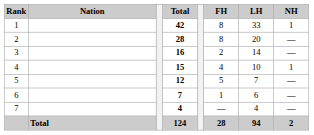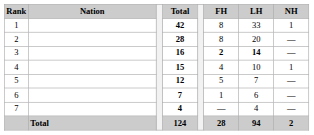 <table class="wikitable plainrowheaders" style="background:#fff; font-size:86%; line-height:16px; border:grey solid 1px; border-collapse:collapse;">
 <tr style="background:#ccc; text-align:center;">
 <th style="background:#ccc;">Rank</th>
 <th style="background:#ccc;">Nation</th>
 <th rowspan="9" width="2"> </th>
 <th width="50" style="background:#ccc;">Total</th>
 <th rowspan="9" width="2"> </th>
 <th width="50" style="background:#ccc;">FH</th>
 <th width="50" style="background:#ccc;">LH</th>
 <th width="50" style="background:#ccc;">NH</th>
 </tr>
 <tr align=center>
 <td align=center>1</td>
 <td align=left width=200></td>
 <td><strong>42</strong></td>
 <td>8</td>
 <td>33</td>
 <td>1</td>
 </tr>
 <tr align=center>
 <td align=center>2</td>
 <td align=left></td>
 <td><strong>28</strong></td>
 <td>8</td>
 <td>20</td>
 <td>—</td>
 </tr>
 <tr align=center>
 <td align=center>3</td>
 <td align=left></td>
 <td><strong>16</strong></td>
-<td>2</td>
-<td>14</td>
+<td><strong>2</strong></td>
+<td><strong>14</strong></td>
 <td>—</td>
 </tr>
 <tr align=center>
 <td align=center>4</td>
 <td align=left></td>
 <td><strong>15</strong></td>
 <td>4</td>
 <td>10</td>
 <td>1</td>
 </tr>
 <tr align=center>
 <td align=center>5</td>
 <td align=left></td>
 <td><strong>12</strong></td>
 <td>5</td>
 <td>7</td>
 <td>—</td>
 </tr>
 <tr align=center>
 <td align=center>6</td>
 <td align=left></td>
 <td><strong>7</strong></td>
 <td>1</td>
 <td>6</td>
 <td>—</td>
 </tr>
 <tr align=center>
 <td align=center>7</td>
 <td align=left></td>
 <td><strong>4</strong></td>
 <td>—</td>
 <td>4</td>
 <td>—</td>
 </tr>
 <tr bgcolor=#D3D3D3 align=center>
 <th style="background:#ccc;"></th>
 <td style="background:#ccc;" align=left><strong>Total</strong></td>
 <th style="background:#ccc;">124</th>
 <th style="background:#ccc;">28</th>
 <th style="background:#ccc;">94</th>
 <th style="background:#ccc;">2</th>
 </tr>
 </table>
